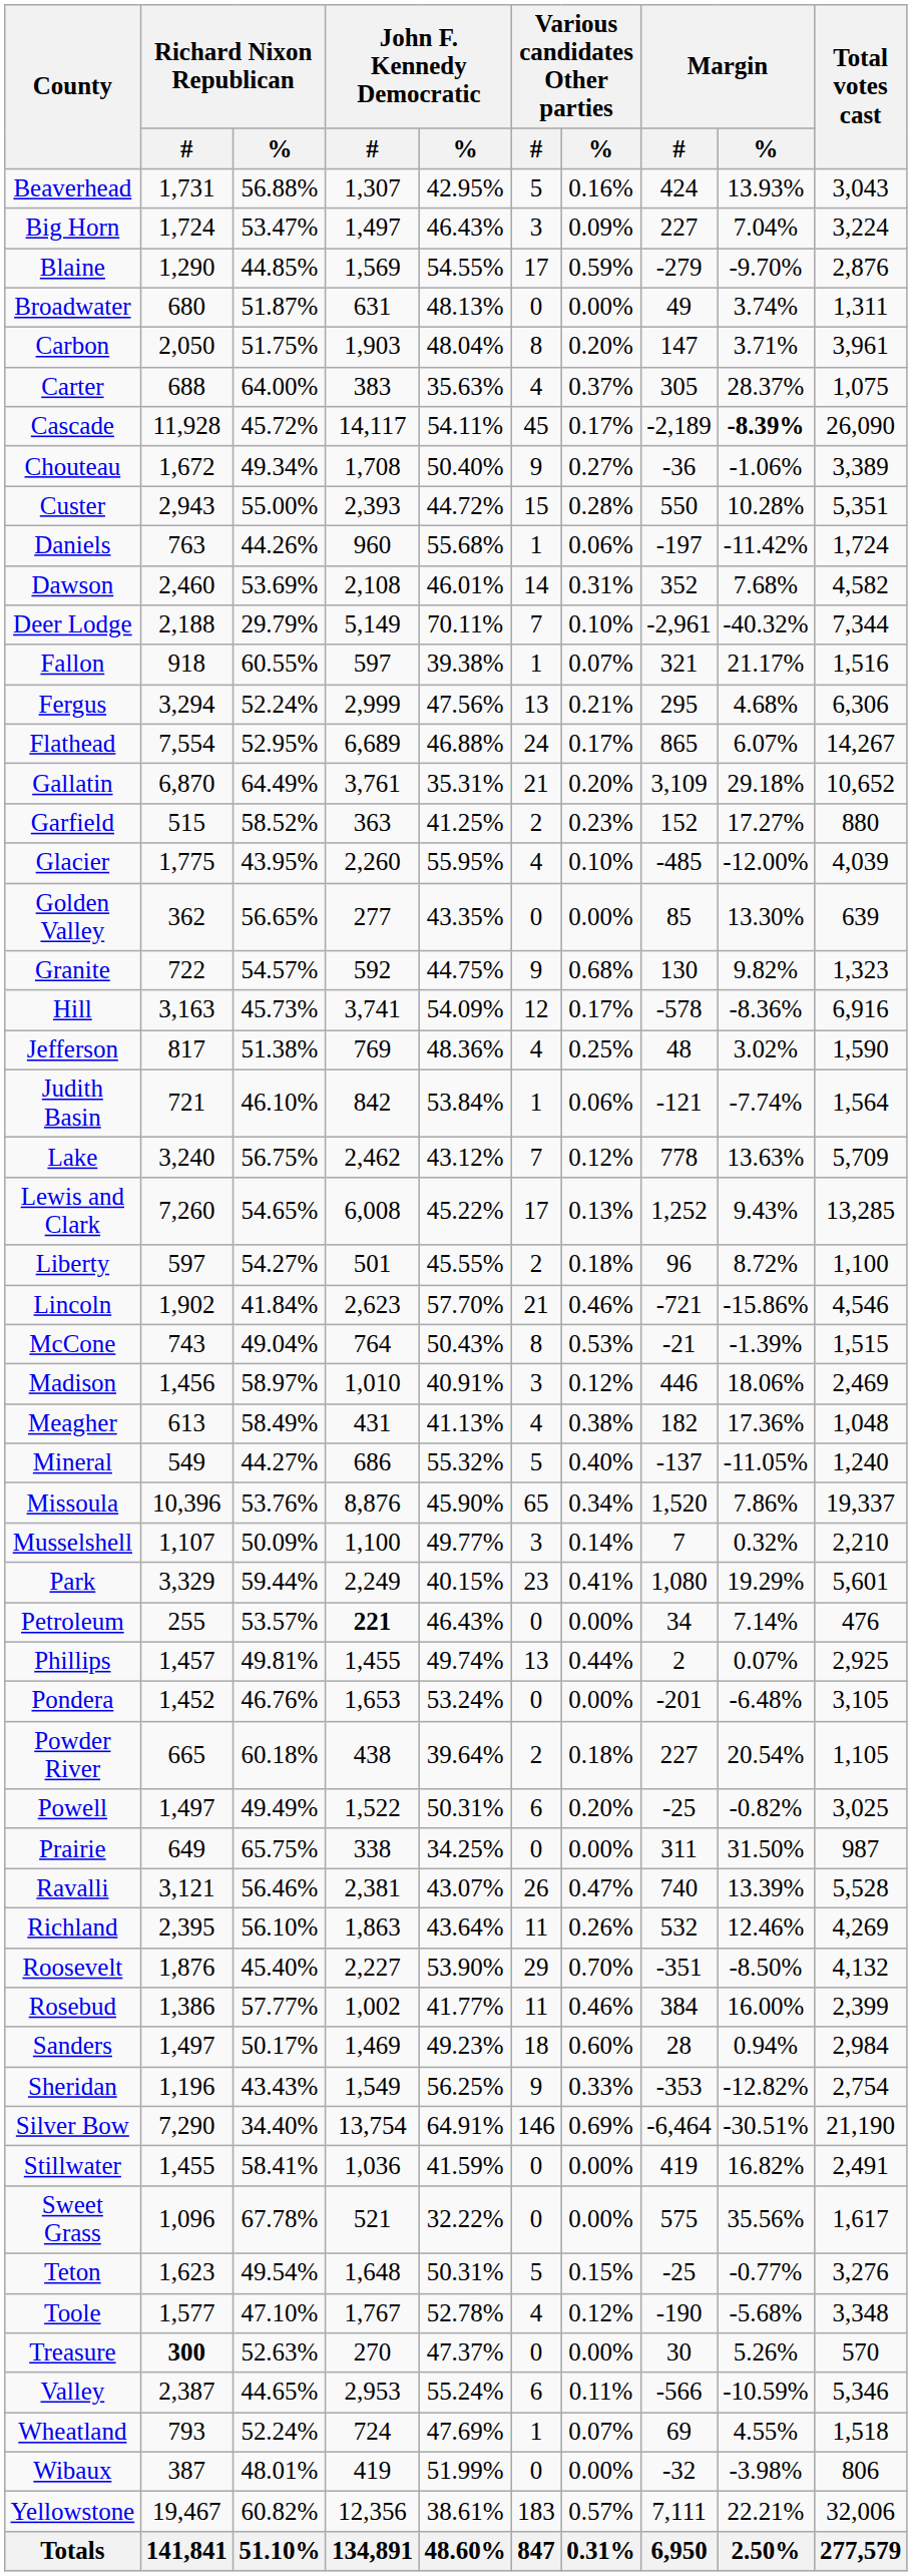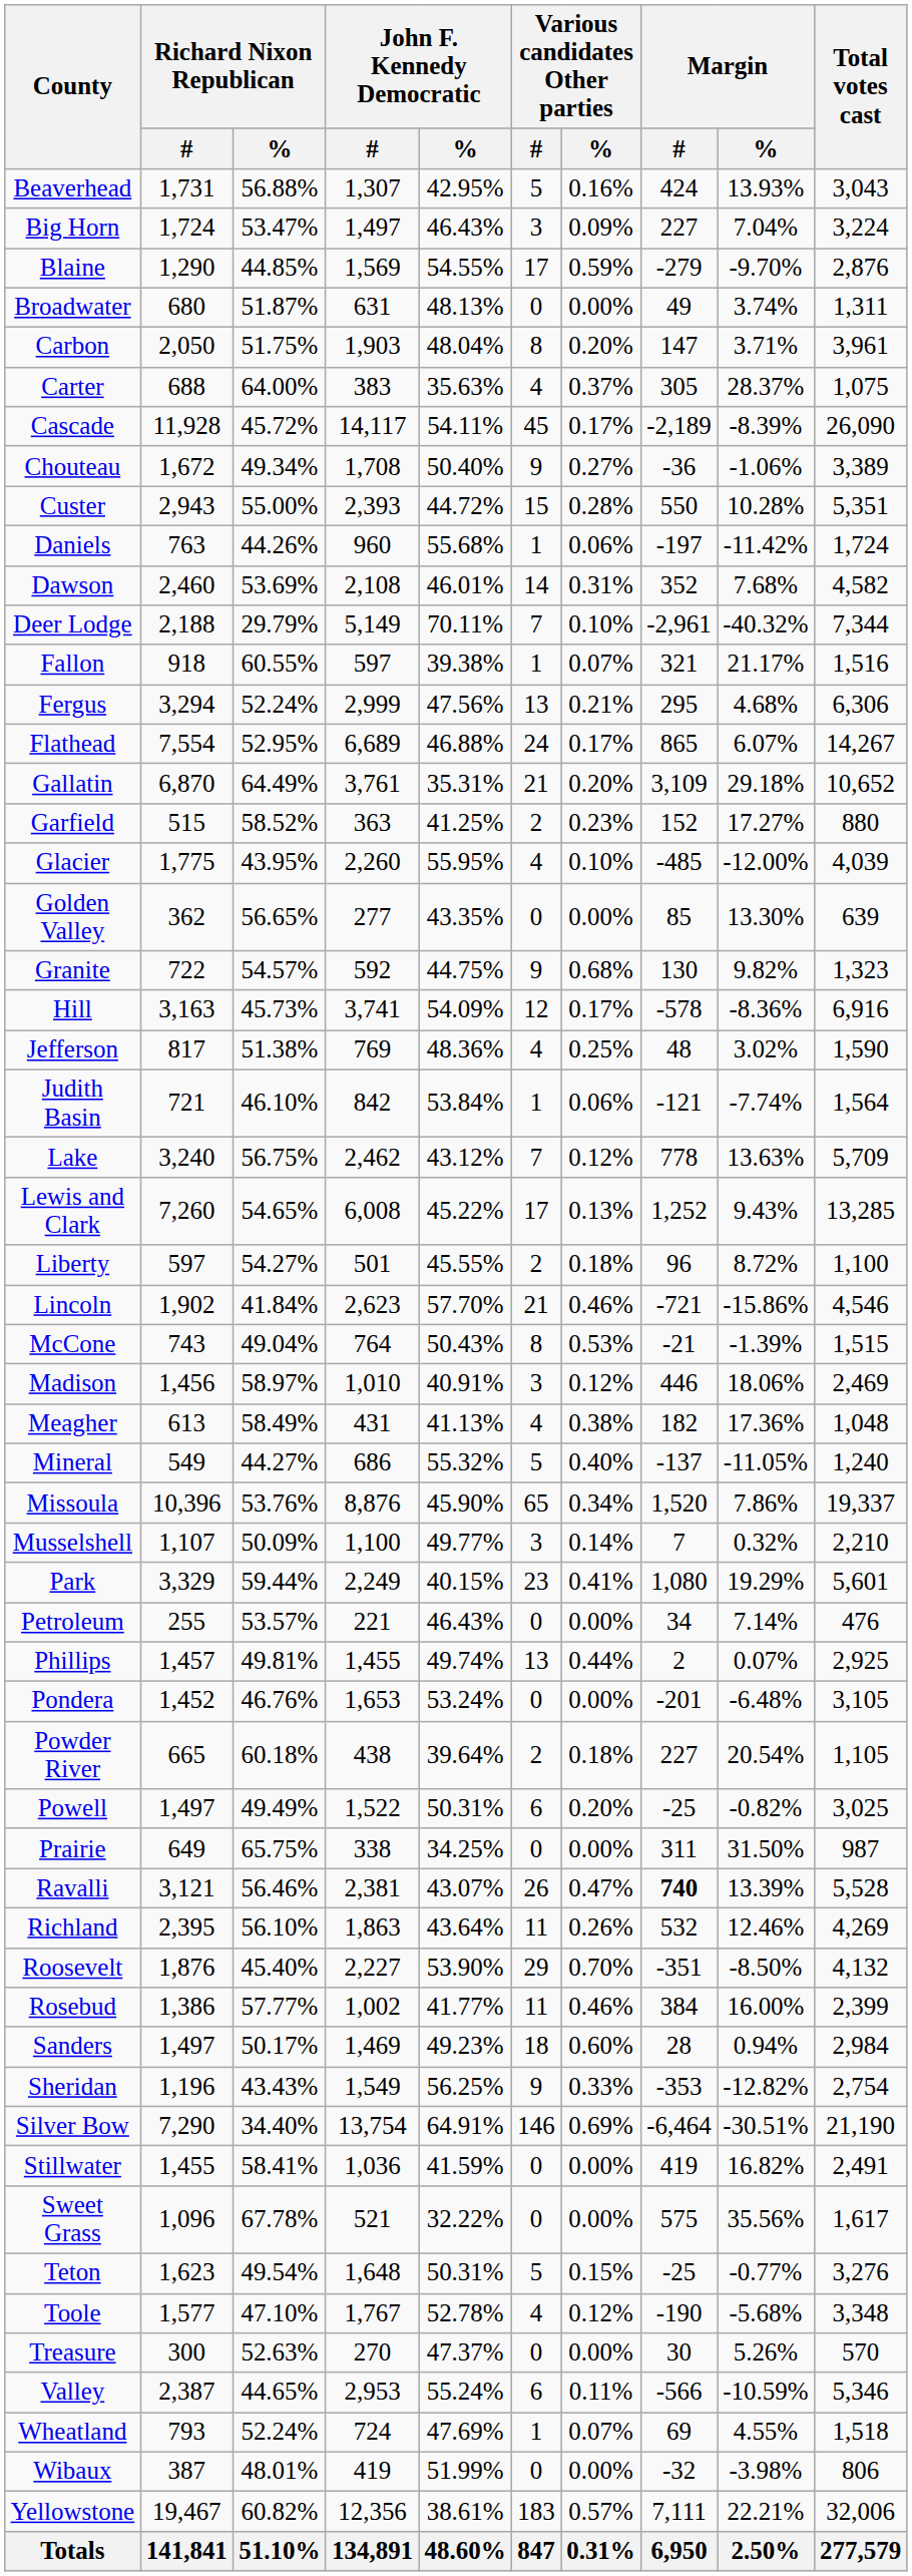 <table width="60%"  class="wikitable sortable" style="text-align:center">
 <tr>
 <th style="text-align:center;" rowspan="2">County</th>
 <th style="text-align:center;" colspan="2">Richard Nixon<br>Republican</th>
 <th style="text-align:center;" colspan="2">John F. Kennedy<br>Democratic</th>
 <th style="text-align:center;" colspan="2">Various candidates<br>Other parties</th>
 <th style="text-align:center;" colspan="2">Margin</th>
 <th style="text-align:center;" rowspan="2">Total votes cast</th>
 </tr>
 <tr>
 <th style="text-align:center;" data-sort-type="number">#</th>
 <th style="text-align:center;" data-sort-type="number">%</th>
 <th style="text-align:center;" data-sort-type="number">#</th>
 <th style="text-align:center;" data-sort-type="number">%</th>
 <th style="text-align:center;" data-sort-type="number">#</th>
 <th style="text-align:center;" data-sort-type="number">%</th>
 <th style="text-align:center;" data-sort-type="number">#</th>
 <th style="text-align:center;" data-sort-type="number">%</th>
 </tr>
 <tr style="text-align:center;">
 <td><a href='#'>Beaverhead</a></td>
 <td>1,731</td>
 <td>56.88%</td>
 <td>1,307</td>
 <td>42.95%</td>
 <td>5</td>
 <td>0.16%</td>
 <td>424</td>
 <td>13.93%</td>
 <td>3,043</td>
 </tr>
 <tr style="text-align:center;">
 <td><a href='#'>Big Horn</a></td>
 <td>1,724</td>
 <td>53.47%</td>
 <td>1,497</td>
 <td>46.43%</td>
 <td>3</td>
 <td>0.09%</td>
 <td>227</td>
 <td>7.04%</td>
 <td>3,224</td>
 </tr>
 <tr style="text-align:center;">
 <td><a href='#'>Blaine</a></td>
 <td>1,290</td>
 <td>44.85%</td>
 <td>1,569</td>
 <td>54.55%</td>
 <td>17</td>
 <td>0.59%</td>
 <td>-279</td>
 <td>-9.70%</td>
 <td>2,876</td>
 </tr>
 <tr style="text-align:center;">
 <td><a href='#'>Broadwater</a></td>
 <td>680</td>
 <td>51.87%</td>
 <td>631</td>
 <td>48.13%</td>
 <td>0</td>
 <td>0.00%</td>
 <td>49</td>
 <td>3.74%</td>
 <td>1,311</td>
 </tr>
 <tr style="text-align:center;">
 <td><a href='#'>Carbon</a></td>
 <td>2,050</td>
 <td>51.75%</td>
 <td>1,903</td>
 <td>48.04%</td>
 <td>8</td>
 <td>0.20%</td>
 <td>147</td>
 <td>3.71%</td>
 <td>3,961</td>
 </tr>
 <tr style="text-align:center;">
 <td><a href='#'>Carter</a></td>
 <td>688</td>
 <td>64.00%</td>
 <td>383</td>
 <td>35.63%</td>
 <td>4</td>
 <td>0.37%</td>
 <td>305</td>
 <td>28.37%</td>
 <td>1,075</td>
 </tr>
 <tr style="text-align:center;">
 <td><a href='#'>Cascade</a></td>
 <td>11,928</td>
 <td>45.72%</td>
 <td>14,117</td>
 <td>54.11%</td>
 <td>45</td>
 <td>0.17%</td>
 <td>-2,189</td>
-<td><strong>-8.39%</strong></td>
+<td>-8.39%</td>
 <td>26,090</td>
 </tr>
 <tr style="text-align:center;">
 <td><a href='#'>Chouteau</a></td>
 <td>1,672</td>
 <td>49.34%</td>
 <td>1,708</td>
 <td>50.40%</td>
 <td>9</td>
 <td>0.27%</td>
 <td>-36</td>
 <td>-1.06%</td>
 <td>3,389</td>
 </tr>
 <tr style="text-align:center;">
 <td><a href='#'>Custer</a></td>
 <td>2,943</td>
 <td>55.00%</td>
 <td>2,393</td>
 <td>44.72%</td>
 <td>15</td>
 <td>0.28%</td>
 <td>550</td>
 <td>10.28%</td>
 <td>5,351</td>
 </tr>
 <tr style="text-align:center;">
 <td><a href='#'>Daniels</a></td>
 <td>763</td>
 <td>44.26%</td>
 <td>960</td>
 <td>55.68%</td>
 <td>1</td>
 <td>0.06%</td>
 <td>-197</td>
 <td>-11.42%</td>
 <td>1,724</td>
 </tr>
 <tr style="text-align:center;">
 <td><a href='#'>Dawson</a></td>
 <td>2,460</td>
 <td>53.69%</td>
 <td>2,108</td>
 <td>46.01%</td>
 <td>14</td>
 <td>0.31%</td>
 <td>352</td>
 <td>7.68%</td>
 <td>4,582</td>
 </tr>
 <tr style="text-align:center;">
 <td><a href='#'>Deer Lodge</a></td>
 <td>2,188</td>
 <td>29.79%</td>
 <td>5,149</td>
 <td>70.11%</td>
 <td>7</td>
 <td>0.10%</td>
 <td>-2,961</td>
 <td>-40.32%</td>
 <td>7,344</td>
 </tr>
 <tr style="text-align:center;">
 <td><a href='#'>Fallon</a></td>
 <td>918</td>
 <td>60.55%</td>
 <td>597</td>
 <td>39.38%</td>
 <td>1</td>
 <td>0.07%</td>
 <td>321</td>
 <td>21.17%</td>
 <td>1,516</td>
 </tr>
 <tr style="text-align:center;">
 <td><a href='#'>Fergus</a></td>
 <td>3,294</td>
 <td>52.24%</td>
 <td>2,999</td>
 <td>47.56%</td>
 <td>13</td>
 <td>0.21%</td>
 <td>295</td>
 <td>4.68%</td>
 <td>6,306</td>
 </tr>
 <tr style="text-align:center;">
 <td><a href='#'>Flathead</a></td>
 <td>7,554</td>
 <td>52.95%</td>
 <td>6,689</td>
 <td>46.88%</td>
 <td>24</td>
 <td>0.17%</td>
 <td>865</td>
 <td>6.07%</td>
 <td>14,267</td>
 </tr>
 <tr style="text-align:center;">
 <td><a href='#'>Gallatin</a></td>
 <td>6,870</td>
 <td>64.49%</td>
 <td>3,761</td>
 <td>35.31%</td>
 <td>21</td>
 <td>0.20%</td>
 <td>3,109</td>
 <td>29.18%</td>
 <td>10,652</td>
 </tr>
 <tr style="text-align:center;">
 <td><a href='#'>Garfield</a></td>
 <td>515</td>
 <td>58.52%</td>
 <td>363</td>
 <td>41.25%</td>
 <td>2</td>
 <td>0.23%</td>
 <td>152</td>
 <td>17.27%</td>
 <td>880</td>
 </tr>
 <tr style="text-align:center;">
 <td><a href='#'>Glacier</a></td>
 <td>1,775</td>
 <td>43.95%</td>
 <td>2,260</td>
 <td>55.95%</td>
 <td>4</td>
 <td>0.10%</td>
 <td>-485</td>
 <td>-12.00%</td>
 <td>4,039</td>
 </tr>
 <tr style="text-align:center;">
 <td><a href='#'>Golden Valley</a></td>
 <td>362</td>
 <td>56.65%</td>
 <td>277</td>
 <td>43.35%</td>
 <td>0</td>
 <td>0.00%</td>
 <td>85</td>
 <td>13.30%</td>
 <td>639</td>
 </tr>
 <tr style="text-align:center;">
 <td><a href='#'>Granite</a></td>
 <td>722</td>
 <td>54.57%</td>
 <td>592</td>
 <td>44.75%</td>
 <td>9</td>
 <td>0.68%</td>
 <td>130</td>
 <td>9.82%</td>
 <td>1,323</td>
 </tr>
 <tr style="text-align:center;">
 <td><a href='#'>Hill</a></td>
 <td>3,163</td>
 <td>45.73%</td>
 <td>3,741</td>
 <td>54.09%</td>
 <td>12</td>
 <td>0.17%</td>
 <td>-578</td>
 <td>-8.36%</td>
 <td>6,916</td>
 </tr>
 <tr style="text-align:center;">
 <td><a href='#'>Jefferson</a></td>
 <td>817</td>
 <td>51.38%</td>
 <td>769</td>
 <td>48.36%</td>
 <td>4</td>
 <td>0.25%</td>
 <td>48</td>
 <td>3.02%</td>
 <td>1,590</td>
 </tr>
 <tr style="text-align:center;">
 <td><a href='#'>Judith Basin</a></td>
 <td>721</td>
 <td>46.10%</td>
 <td>842</td>
 <td>53.84%</td>
 <td>1</td>
 <td>0.06%</td>
 <td>-121</td>
 <td>-7.74%</td>
 <td>1,564</td>
 </tr>
 <tr style="text-align:center;">
 <td><a href='#'>Lake</a></td>
 <td>3,240</td>
 <td>56.75%</td>
 <td>2,462</td>
 <td>43.12%</td>
 <td>7</td>
 <td>0.12%</td>
 <td>778</td>
 <td>13.63%</td>
 <td>5,709</td>
 </tr>
 <tr style="text-align:center;">
 <td><a href='#'>Lewis and Clark</a></td>
 <td>7,260</td>
 <td>54.65%</td>
 <td>6,008</td>
 <td>45.22%</td>
 <td>17</td>
 <td>0.13%</td>
 <td>1,252</td>
 <td>9.43%</td>
 <td>13,285</td>
 </tr>
 <tr style="text-align:center;">
 <td><a href='#'>Liberty</a></td>
 <td>597</td>
 <td>54.27%</td>
 <td>501</td>
 <td>45.55%</td>
 <td>2</td>
 <td>0.18%</td>
 <td>96</td>
 <td>8.72%</td>
 <td>1,100</td>
 </tr>
 <tr style="text-align:center;">
 <td><a href='#'>Lincoln</a></td>
 <td>1,902</td>
 <td>41.84%</td>
 <td>2,623</td>
 <td>57.70%</td>
 <td>21</td>
 <td>0.46%</td>
 <td>-721</td>
 <td>-15.86%</td>
 <td>4,546</td>
 </tr>
 <tr style="text-align:center;">
 <td><a href='#'>McCone</a></td>
 <td>743</td>
 <td>49.04%</td>
 <td>764</td>
 <td>50.43%</td>
 <td>8</td>
 <td>0.53%</td>
 <td>-21</td>
 <td>-1.39%</td>
 <td>1,515</td>
 </tr>
 <tr style="text-align:center;">
 <td><a href='#'>Madison</a></td>
 <td>1,456</td>
 <td>58.97%</td>
 <td>1,010</td>
 <td>40.91%</td>
 <td>3</td>
 <td>0.12%</td>
 <td>446</td>
 <td>18.06%</td>
 <td>2,469</td>
 </tr>
 <tr style="text-align:center;">
 <td><a href='#'>Meagher</a></td>
 <td>613</td>
 <td>58.49%</td>
 <td>431</td>
 <td>41.13%</td>
 <td>4</td>
 <td>0.38%</td>
 <td>182</td>
 <td>17.36%</td>
 <td>1,048</td>
 </tr>
 <tr style="text-align:center;">
 <td><a href='#'>Mineral</a></td>
 <td>549</td>
 <td>44.27%</td>
 <td>686</td>
 <td>55.32%</td>
 <td>5</td>
 <td>0.40%</td>
 <td>-137</td>
 <td>-11.05%</td>
 <td>1,240</td>
 </tr>
 <tr style="text-align:center;">
 <td><a href='#'>Missoula</a></td>
 <td>10,396</td>
 <td>53.76%</td>
 <td>8,876</td>
 <td>45.90%</td>
 <td>65</td>
 <td>0.34%</td>
 <td>1,520</td>
 <td>7.86%</td>
 <td>19,337</td>
 </tr>
 <tr style="text-align:center;">
 <td><a href='#'>Musselshell</a></td>
 <td>1,107</td>
 <td>50.09%</td>
 <td>1,100</td>
 <td>49.77%</td>
 <td>3</td>
 <td>0.14%</td>
 <td>7</td>
 <td>0.32%</td>
 <td>2,210</td>
 </tr>
 <tr style="text-align:center;">
 <td><a href='#'>Park</a></td>
 <td>3,329</td>
 <td>59.44%</td>
 <td>2,249</td>
 <td>40.15%</td>
 <td>23</td>
 <td>0.41%</td>
 <td>1,080</td>
 <td>19.29%</td>
 <td>5,601</td>
 </tr>
 <tr style="text-align:center;">
 <td><a href='#'>Petroleum</a></td>
 <td>255</td>
 <td>53.57%</td>
-<td><strong>221</strong></td>
+<td>221</td>
 <td>46.43%</td>
 <td>0</td>
 <td>0.00%</td>
 <td>34</td>
 <td>7.14%</td>
 <td>476</td>
 </tr>
 <tr style="text-align:center;">
 <td><a href='#'>Phillips</a></td>
 <td>1,457</td>
 <td>49.81%</td>
 <td>1,455</td>
 <td>49.74%</td>
 <td>13</td>
 <td>0.44%</td>
 <td>2</td>
 <td>0.07%</td>
 <td>2,925</td>
 </tr>
 <tr style="text-align:center;">
 <td><a href='#'>Pondera</a></td>
 <td>1,452</td>
 <td>46.76%</td>
 <td>1,653</td>
 <td>53.24%</td>
 <td>0</td>
 <td>0.00%</td>
 <td>-201</td>
 <td>-6.48%</td>
 <td>3,105</td>
 </tr>
 <tr style="text-align:center;">
 <td><a href='#'>Powder River</a></td>
 <td>665</td>
 <td>60.18%</td>
 <td>438</td>
 <td>39.64%</td>
 <td>2</td>
 <td>0.18%</td>
 <td>227</td>
 <td>20.54%</td>
 <td>1,105</td>
 </tr>
 <tr style="text-align:center;">
 <td><a href='#'>Powell</a></td>
 <td>1,497</td>
 <td>49.49%</td>
 <td>1,522</td>
 <td>50.31%</td>
 <td>6</td>
 <td>0.20%</td>
 <td>-25</td>
 <td>-0.82%</td>
 <td>3,025</td>
 </tr>
 <tr style="text-align:center;">
 <td><a href='#'>Prairie</a></td>
 <td>649</td>
 <td>65.75%</td>
 <td>338</td>
 <td>34.25%</td>
 <td>0</td>
 <td>0.00%</td>
 <td>311</td>
 <td>31.50%</td>
 <td>987</td>
 </tr>
 <tr style="text-align:center;">
 <td><a href='#'>Ravalli</a></td>
 <td>3,121</td>
 <td>56.46%</td>
 <td>2,381</td>
 <td>43.07%</td>
 <td>26</td>
 <td>0.47%</td>
-<td>740</td>
+<td><strong>740</strong></td>
 <td>13.39%</td>
 <td>5,528</td>
 </tr>
 <tr style="text-align:center;">
 <td><a href='#'>Richland</a></td>
 <td>2,395</td>
 <td>56.10%</td>
 <td>1,863</td>
 <td>43.64%</td>
 <td>11</td>
 <td>0.26%</td>
 <td>532</td>
 <td>12.46%</td>
 <td>4,269</td>
 </tr>
 <tr style="text-align:center;">
 <td><a href='#'>Roosevelt</a></td>
 <td>1,876</td>
 <td>45.40%</td>
 <td>2,227</td>
 <td>53.90%</td>
 <td>29</td>
 <td>0.70%</td>
 <td>-351</td>
 <td>-8.50%</td>
 <td>4,132</td>
 </tr>
 <tr style="text-align:center;">
 <td><a href='#'>Rosebud</a></td>
 <td>1,386</td>
 <td>57.77%</td>
 <td>1,002</td>
 <td>41.77%</td>
 <td>11</td>
 <td>0.46%</td>
 <td>384</td>
 <td>16.00%</td>
 <td>2,399</td>
 </tr>
 <tr style="text-align:center;">
 <td><a href='#'>Sanders</a></td>
 <td>1,497</td>
 <td>50.17%</td>
 <td>1,469</td>
 <td>49.23%</td>
 <td>18</td>
 <td>0.60%</td>
 <td>28</td>
 <td>0.94%</td>
 <td>2,984</td>
 </tr>
 <tr style="text-align:center;">
 <td><a href='#'>Sheridan</a></td>
 <td>1,196</td>
 <td>43.43%</td>
 <td>1,549</td>
 <td>56.25%</td>
 <td>9</td>
 <td>0.33%</td>
 <td>-353</td>
 <td>-12.82%</td>
 <td>2,754</td>
 </tr>
 <tr style="text-align:center;">
 <td><a href='#'>Silver Bow</a></td>
 <td>7,290</td>
 <td>34.40%</td>
 <td>13,754</td>
 <td>64.91%</td>
 <td>146</td>
 <td>0.69%</td>
 <td>-6,464</td>
 <td>-30.51%</td>
 <td>21,190</td>
 </tr>
 <tr style="text-align:center;">
 <td><a href='#'>Stillwater</a></td>
 <td>1,455</td>
 <td>58.41%</td>
 <td>1,036</td>
 <td>41.59%</td>
 <td>0</td>
 <td>0.00%</td>
 <td>419</td>
 <td>16.82%</td>
 <td>2,491</td>
 </tr>
 <tr style="text-align:center;">
 <td><a href='#'>Sweet Grass</a></td>
 <td>1,096</td>
 <td>67.78%</td>
 <td>521</td>
 <td>32.22%</td>
 <td>0</td>
 <td>0.00%</td>
 <td>575</td>
 <td>35.56%</td>
 <td>1,617</td>
 </tr>
 <tr style="text-align:center;">
 <td><a href='#'>Teton</a></td>
 <td>1,623</td>
 <td>49.54%</td>
 <td>1,648</td>
 <td>50.31%</td>
 <td>5</td>
 <td>0.15%</td>
 <td>-25</td>
 <td>-0.77%</td>
 <td>3,276</td>
 </tr>
 <tr style="text-align:center;">
 <td><a href='#'>Toole</a></td>
 <td>1,577</td>
 <td>47.10%</td>
 <td>1,767</td>
 <td>52.78%</td>
 <td>4</td>
 <td>0.12%</td>
 <td>-190</td>
 <td>-5.68%</td>
 <td>3,348</td>
 </tr>
 <tr style="text-align:center;">
 <td><a href='#'>Treasure</a></td>
-<td><strong>300</strong></td>
+<td>300</td>
 <td>52.63%</td>
 <td>270</td>
 <td>47.37%</td>
 <td>0</td>
 <td>0.00%</td>
 <td>30</td>
 <td>5.26%</td>
 <td>570</td>
 </tr>
 <tr style="text-align:center;">
 <td><a href='#'>Valley</a></td>
 <td>2,387</td>
 <td>44.65%</td>
 <td>2,953</td>
 <td>55.24%</td>
 <td>6</td>
 <td>0.11%</td>
 <td>-566</td>
 <td>-10.59%</td>
 <td>5,346</td>
 </tr>
 <tr style="text-align:center;">
 <td><a href='#'>Wheatland</a></td>
 <td>793</td>
 <td>52.24%</td>
 <td>724</td>
 <td>47.69%</td>
 <td>1</td>
 <td>0.07%</td>
 <td>69</td>
 <td>4.55%</td>
 <td>1,518</td>
 </tr>
 <tr style="text-align:center;">
 <td><a href='#'>Wibaux</a></td>
 <td>387</td>
 <td>48.01%</td>
 <td>419</td>
 <td>51.99%</td>
 <td>0</td>
 <td>0.00%</td>
 <td>-32</td>
 <td>-3.98%</td>
 <td>806</td>
 </tr>
 <tr style="text-align:center;">
 <td><a href='#'>Yellowstone</a></td>
 <td>19,467</td>
 <td>60.82%</td>
 <td>12,356</td>
 <td>38.61%</td>
 <td>183</td>
 <td>0.57%</td>
 <td>7,111</td>
 <td>22.21%</td>
 <td>32,006</td>
 </tr>
 <tr style="text-align:center;">
 <th>Totals</th>
 <th>141,841</th>
 <th>51.10%</th>
 <th>134,891</th>
 <th>48.60%</th>
 <th>847</th>
 <th>0.31%</th>
 <th>6,950</th>
 <th>2.50%</th>
 <th>277,579</th>
 </tr>
 </table>
